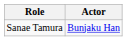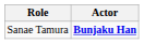 <table class='wikitable'>
 <tr>
 <th>Role</th>
 <th>Actor</th>
 </tr>
 <tr>
 <td>Sanae Tamura</td>
-<td><a href='#'>Bunjaku Han</a></td>
+<td><strong><a href='#'>Bunjaku Han</a></strong></td>
 </tr>
 </table>
